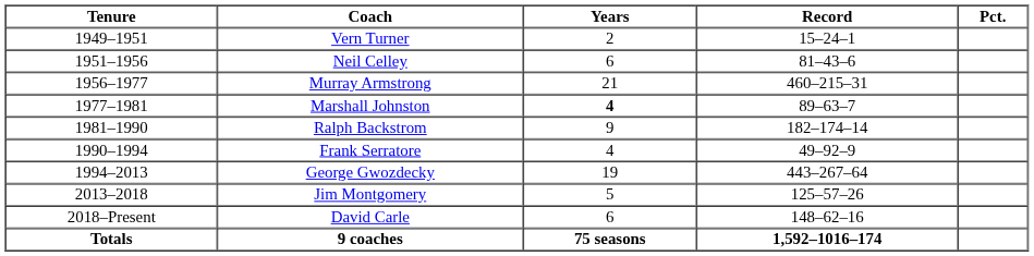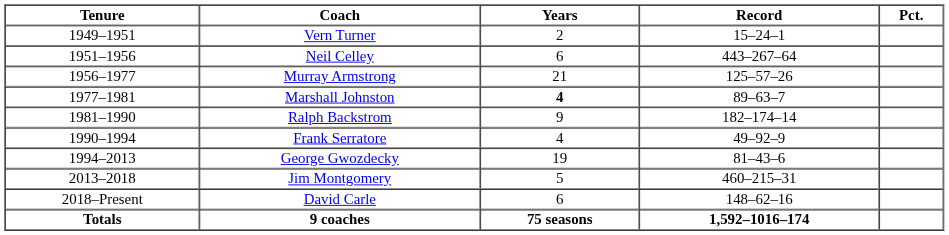 <table cellpadding="1" border="1" cellspacing="0" width="80%">
 <tr>
 <th>Tenure</th>
 <th>Coach</th>
 <th>Years</th>
 <th>Record</th>
 <th>Pct.</th>
 </tr>
 <tr align="center">
 <td>1949–1951</td>
 <td><a href='#'>Vern Turner</a></td>
 <td>2</td>
 <td>15–24–1</td>
 <td></td>
 </tr>
 <tr align="center">
 <td>1951–1956</td>
 <td><a href='#'>Neil Celley</a></td>
 <td>6</td>
-<td>81–43–6</td>
+<td>443–267–64</td>
 <td></td>
 </tr>
 <tr align="center">
 <td>1956–1977</td>
 <td><a href='#'>Murray Armstrong</a></td>
 <td>21</td>
-<td>460–215–31</td>
+<td>125–57–26</td>
 <td></td>
 </tr>
 <tr align="center">
 <td>1977–1981</td>
 <td><a href='#'>Marshall Johnston</a></td>
 <td><strong>4</strong></td>
 <td>89–63–7</td>
 <td></td>
 </tr>
 <tr align="center">
 <td>1981–1990</td>
 <td><a href='#'>Ralph Backstrom</a></td>
 <td>9</td>
 <td>182–174–14</td>
 <td></td>
 </tr>
 <tr align="center">
 <td>1990–1994</td>
 <td><a href='#'>Frank Serratore</a></td>
 <td>4</td>
 <td>49–92–9</td>
 <td></td>
 </tr>
 <tr align="center">
 <td>1994–2013</td>
 <td><a href='#'>George Gwozdecky</a></td>
 <td>19</td>
-<td>443–267–64</td>
+<td>81–43–6</td>
 <td></td>
 </tr>
 <tr align="center">
 <td>2013–2018</td>
 <td><a href='#'>Jim Montgomery</a></td>
 <td>5</td>
-<td>125–57–26</td>
+<td>460–215–31</td>
 <td></td>
 </tr>
 <tr align="center">
 <td>2018–Present</td>
 <td><a href='#'>David Carle</a></td>
 <td>6</td>
 <td>148–62–16</td>
 <td></td>
 </tr>
 <tr align="center">
 <th>Totals</th>
 <th>9 coaches</th>
 <th>75 seasons</th>
 <th>1,592–1016–174</th>
 <th></th>
 </tr>
 </table>
